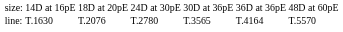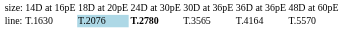 <table style="margin-left:40px;">
 <tr>
 <td>size:</td>
 <td>14D at 16pE</td>
 <td>18D at 20pE</td>
 <td>24D at 30pE</td>
 <td>30D at 36pE</td>
 <td>36D at 36pE</td>
 <td>48D at 60pE</td>
 </tr>
 <tr>
 <td>line:</td>
 <td>T.1630</td>
-<td>T.2076</td>
-<td>T.2780</td>
+<td style="background: lightblue;">T.2076</td>
+<td><strong>T.2780</strong></td>
 <td>T.3565</td>
 <td>T.4164</td>
 <td>T.5570</td>
 </tr>
 </table>
